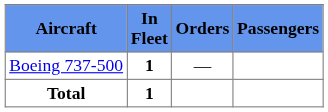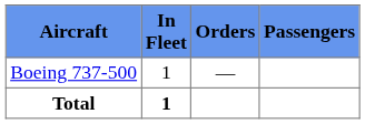 <table class="toccolours" border="1" cellpadding="3" style="border-collapse:collapse;margin: 1em auto;">
 <tr style="background:#6495ED;">
 <th><span>Aircraft</span></th>
 <th style="width:25px;"><span>In Fleet</span></th>
 <th><span>Orders</span></th>
 <th><span>Passengers</span></th>
 </tr>
 <tr>
 <td><a href='#'>Boeing 737-500</a></td>
-<td align=center><strong>1</strong></td>
+<td align=center>1</td>
 <td align=center>—</td>
 <td align=center></td>
 </tr>
 <tr>
 <td align=center><strong>Total</strong></td>
 <td align=center><strong>1</strong></td>
 <td align=center></td>
 <td colspan="2"></td>
 </tr>
 </table>
